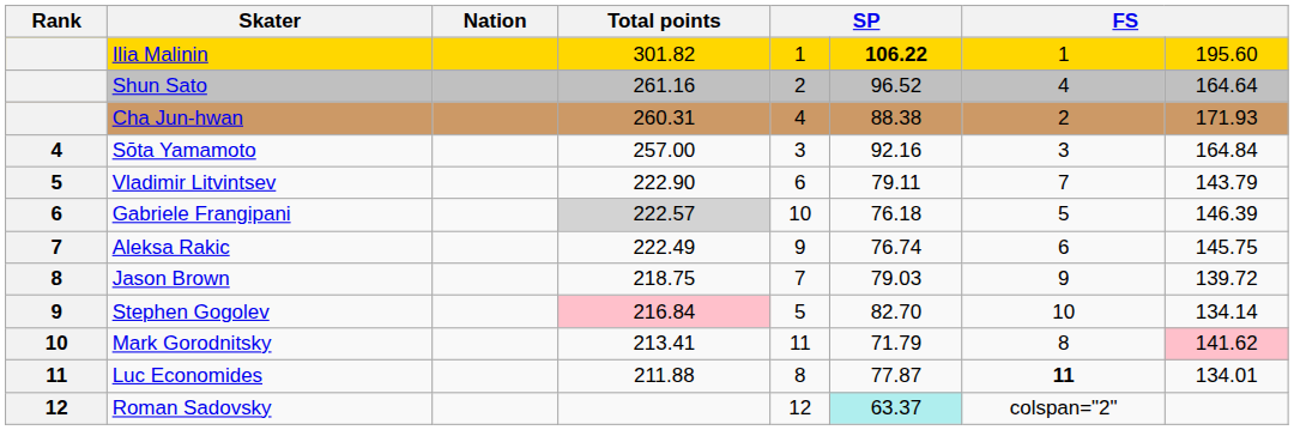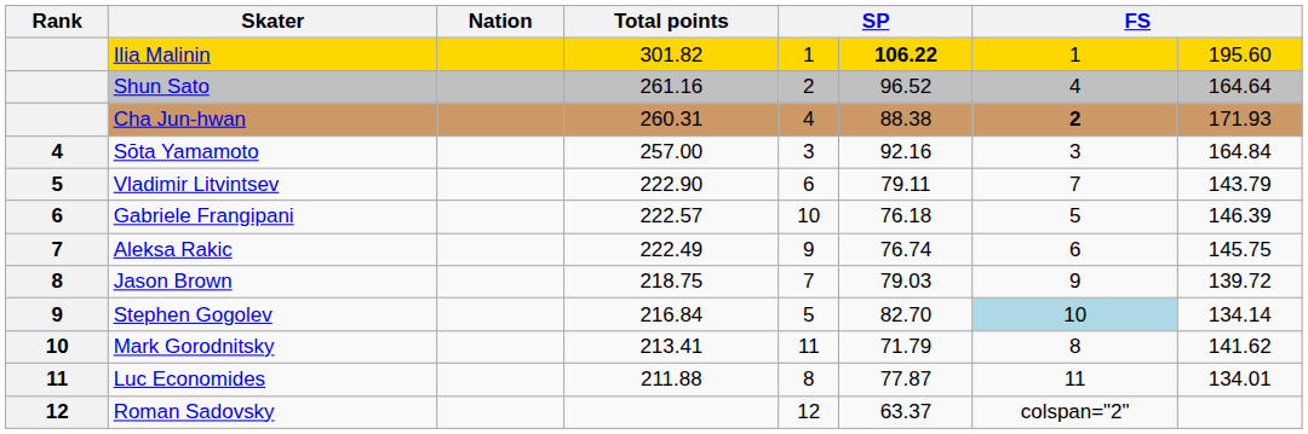 <table class="wikitable sortable" style="text-align:center;" width="80%">
 <tr>
 <th scope="col">Rank</th>
 <th scope="col">Skater</th>
 <th scope="col">Nation</th>
 <th scope="col">Total points</th>
 <th scope="col" colspan="2" width="80px"><a href='#'>SP</a></th>
 <th scope="col" colspan="2" width="80px"><a href='#'>FS</a></th>
 </tr>
 <tr bgcolor="gold">
 <th scope="row"></th>
 <td align="left"><a href='#'>Ilia Malinin</a></td>
 <td align="left"></td>
 <td>301.82</td>
 <td>1</td>
 <td><strong>106.22</strong></td>
 <td>1</td>
 <td>195.60</td>
 </tr>
 <tr bgcolor="silver">
 <th scope="row"></th>
 <td align="left"><a href='#'>Shun Sato</a></td>
 <td align="left"></td>
 <td>261.16</td>
 <td>2</td>
 <td>96.52</td>
 <td>4</td>
 <td>164.64</td>
 </tr>
 <tr bgcolor="cc9966">
 <th scope="row"></th>
 <td align="left"><a href='#'>Cha Jun-hwan</a></td>
 <td align="left"></td>
 <td>260.31</td>
 <td>4</td>
 <td>88.38</td>
-<td>2</td>
+<td><strong>2</strong></td>
 <td>171.93</td>
 </tr>
 <tr>
 <th scope="row">4</th>
 <td align="left"><a href='#'>Sōta Yamamoto</a></td>
 <td align="left"></td>
 <td>257.00</td>
 <td>3</td>
 <td>92.16</td>
 <td>3</td>
 <td>164.84</td>
 </tr>
 <tr>
 <th scope="row">5</th>
 <td align="left"><a href='#'>Vladimir Litvintsev</a></td>
 <td align="left"></td>
 <td>222.90</td>
 <td>6</td>
 <td>79.11</td>
 <td>7</td>
 <td>143.79</td>
 </tr>
 <tr>
 <th scope="row">6</th>
 <td align="left"><a href='#'>Gabriele Frangipani</a></td>
 <td align="left"></td>
-<td style="background: lightgrey;">222.57</td>
+<td>222.57</td>
 <td>10</td>
 <td>76.18</td>
 <td>5</td>
 <td>146.39</td>
 </tr>
 <tr>
 <th scope="row">7</th>
 <td align="left"><a href='#'>Aleksa Rakic</a></td>
 <td align="left"></td>
 <td>222.49</td>
 <td>9</td>
 <td>76.74</td>
 <td>6</td>
 <td>145.75</td>
 </tr>
 <tr>
 <th scope="row">8</th>
 <td align="left"><a href='#'>Jason Brown</a></td>
 <td align="left"></td>
 <td>218.75</td>
 <td>7</td>
 <td>79.03</td>
 <td>9</td>
 <td>139.72</td>
 </tr>
 <tr>
 <th scope="row">9</th>
 <td align="left"><a href='#'>Stephen Gogolev</a></td>
 <td align="left"></td>
-<td style="background: pink;">216.84</td>
+<td>216.84</td>
 <td>5</td>
 <td>82.70</td>
-<td>10</td>
+<td style="background: lightblue;">10</td>
 <td>134.14</td>
 </tr>
 <tr>
 <th scope="row">10</th>
 <td align="left"><a href='#'>Mark Gorodnitsky</a></td>
 <td align="left"></td>
 <td>213.41</td>
 <td>11</td>
 <td>71.79</td>
 <td>8</td>
-<td style="background: pink;">141.62</td>
+<td>141.62</td>
 </tr>
 <tr>
 <th scope="row">11</th>
 <td align="left"><a href='#'>Luc Economides</a></td>
 <td align="left"></td>
 <td>211.88</td>
 <td>8</td>
 <td>77.87</td>
-<td><strong>11</strong></td>
+<td>11</td>
 <td>134.01</td>
 </tr>
 <tr>
 <th scope="row">12</th>
 <td align="left"><a href='#'>Roman Sadovsky</a></td>
 <td align="left"></td>
 <td></td>
 <td>12</td>
-<td style="background: paleturquoise;">63.37</td>
+<td>63.37</td>
 <td>colspan="2" </td>
 </tr>
 </table>
